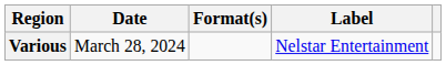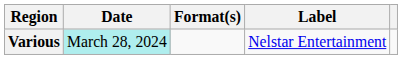 <table class="wikitable plainrowheaders">
 <tr>
 <th scope="col">Region</th>
 <th scope="col">Date</th>
 <th scope="col">Format(s)</th>
 <th scope="col">Label</th>
 <th scope="col"></th>
 </tr>
 <tr>
 <th scope="row">Various</th>
-<td>March 28, 2024</td>
+<td style="background: paleturquoise;">March 28, 2024</td>
 <td></td>
 <td rowspan="3"><a href='#'>Nelstar Entertainment</a></td>
 <td style="text-align:center;"></td>
 </tr>
 </table>
